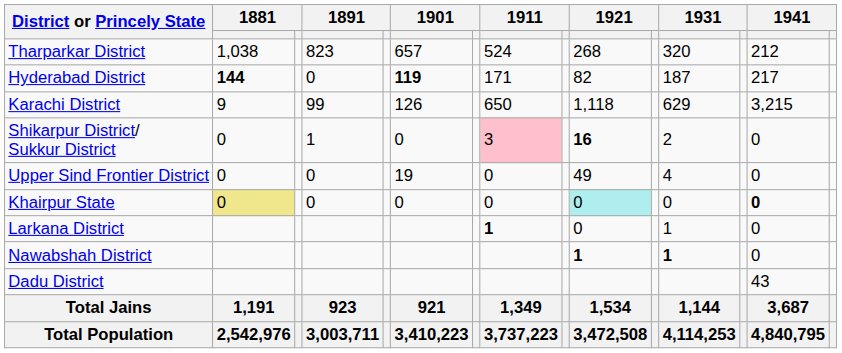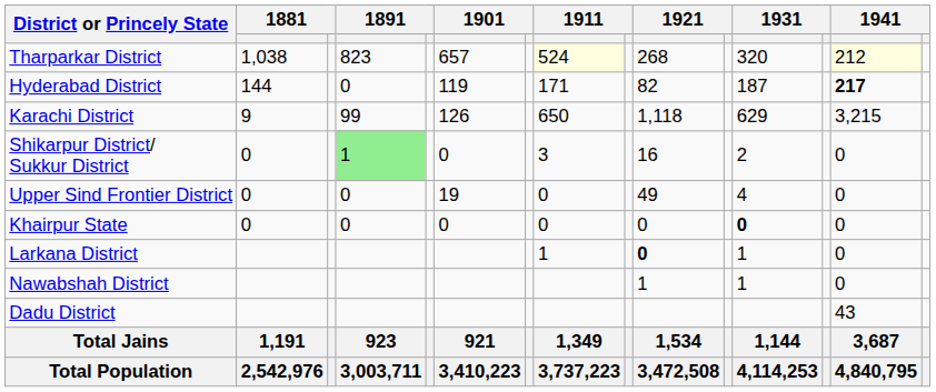 <table class="wikitable sortable">
 <tr>
 <th rowspan="2"><a href='#'>District</a> or <a href='#'>Princely State</a></th>
 <th colspan="2">1881</th>
 <th colspan="2">1891</th>
 <th colspan="2">1901</th>
 <th colspan="2">1911</th>
 <th colspan="2">1921</th>
 <th colspan="2">1931</th>
 <th colspan="2">1941</th>
 </tr>
 <tr>
 <th><a href='#'></a></th>
 <th></th>
 <th></th>
 <th></th>
 <th></th>
 <th></th>
 <th></th>
 <th></th>
 <th></th>
 <th></th>
 <th></th>
 <th></th>
 <th></th>
 <th></th>
 </tr>
 <tr>
 <td><a href='#'>Tharparkar District</a></td>
 <td>1,038</td>
 <td></td>
 <td>823</td>
 <td></td>
 <td>657</td>
 <td></td>
-<td>524</td>
+<td style="background: lightyellow;">524</td>
 <td></td>
 <td>268</td>
 <td></td>
 <td>320</td>
 <td></td>
-<td>212</td>
+<td style="background: lightyellow;">212</td>
 <td></td>
 </tr>
 <tr>
 <td><a href='#'>Hyderabad District</a></td>
-<td><strong>144</strong></td>
+<td>144</td>
 <td></td>
 <td>0</td>
 <td></td>
-<td><strong>119</strong></td>
+<td>119</td>
 <td></td>
 <td>171</td>
 <td></td>
 <td>82</td>
 <td></td>
 <td>187</td>
 <td></td>
-<td>217</td>
+<td><strong>217</strong></td>
 <td></td>
 </tr>
 <tr>
 <td><a href='#'>Karachi District</a></td>
 <td>9</td>
 <td></td>
 <td>99</td>
 <td></td>
 <td>126</td>
 <td></td>
 <td>650</td>
 <td></td>
 <td>1,118</td>
 <td></td>
 <td>629</td>
 <td></td>
 <td>3,215</td>
 <td></td>
 </tr>
 <tr>
 <td><a href='#'>Shikarpur District</a>/<br><a href='#'>Sukkur District</a></td>
 <td>0</td>
 <td></td>
-<td>1</td>
+<td style="background: lightgreen;">1</td>
 <td></td>
 <td>0</td>
 <td></td>
-<td style="background: pink;">3</td>
+<td>3</td>
 <td></td>
-<td><strong>16</strong></td>
+<td>16</td>
 <td></td>
 <td>2</td>
 <td></td>
 <td>0</td>
 <td></td>
 </tr>
 <tr>
 <td><a href='#'>Upper Sind Frontier District</a></td>
 <td>0</td>
 <td></td>
 <td>0</td>
 <td></td>
 <td>19</td>
 <td></td>
 <td>0</td>
 <td></td>
 <td>49</td>
 <td></td>
 <td>4</td>
 <td></td>
 <td>0</td>
 <td></td>
 </tr>
 <tr>
 <td><a href='#'>Khairpur State</a></td>
-<td style="background: khaki;">0</td>
+<td>0</td>
 <td></td>
 <td>0</td>
 <td></td>
 <td>0</td>
 <td></td>
 <td>0</td>
 <td></td>
-<td style="background: paleturquoise;">0</td>
-<td></td>
 <td>0</td>
 <td></td>
 <td><strong>0</strong></td>
+<td></td>
+<td>0</td>
 <td></td>
 </tr>
 <tr>
 <td><a href='#'>Larkana District</a></td>
 <td></td>
 <td></td>
 <td></td>
 <td></td>
 <td></td>
 <td></td>
-<td><strong>1</strong></td>
+<td>1</td>
 <td></td>
-<td>0</td>
+<td><strong>0</strong></td>
 <td></td>
 <td>1</td>
 <td></td>
 <td>0</td>
 <td></td>
 </tr>
 <tr>
 <td><a href='#'>Nawabshah District</a></td>
 <td></td>
 <td></td>
 <td></td>
 <td></td>
 <td></td>
 <td></td>
 <td></td>
 <td></td>
-<td><strong>1</strong></td>
+<td>1</td>
 <td></td>
-<td><strong>1</strong></td>
+<td>1</td>
 <td></td>
 <td>0</td>
 <td></td>
 </tr>
 <tr>
 <td><a href='#'>Dadu District</a></td>
 <td></td>
 <td></td>
 <td></td>
 <td></td>
 <td></td>
 <td></td>
 <td></td>
 <td></td>
 <td></td>
 <td></td>
 <td></td>
 <td></td>
 <td>43</td>
 <td></td>
 </tr>
 <tr class="sortbottom">
 <th>Total Jains</th>
 <th>1,191</th>
 <th></th>
 <th>923</th>
 <th></th>
 <th>921</th>
 <th></th>
 <th>1,349</th>
 <th></th>
 <th>1,534</th>
 <th></th>
 <th>1,144</th>
 <th></th>
 <th>3,687</th>
 <th></th>
 </tr>
 <tr class="sortbottom">
 <th>Total Population</th>
 <th>2,542,976</th>
 <th></th>
 <th>3,003,711</th>
 <th></th>
 <th>3,410,223</th>
 <th></th>
 <th>3,737,223</th>
 <th></th>
 <th>3,472,508</th>
 <th></th>
 <th>4,114,253</th>
 <th></th>
 <th>4,840,795</th>
 <th></th>
 </tr>
 </table>
